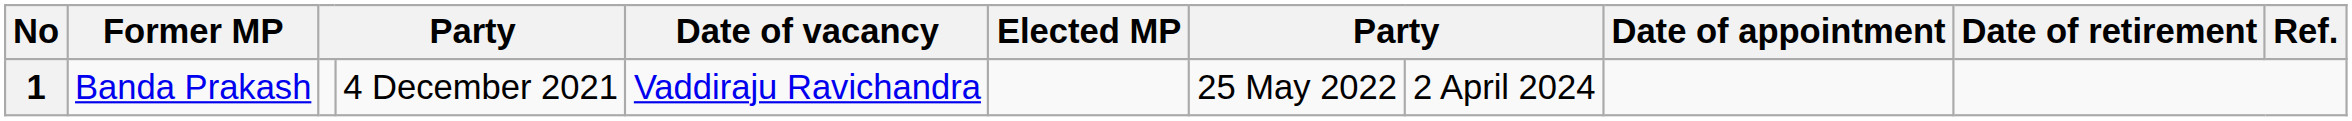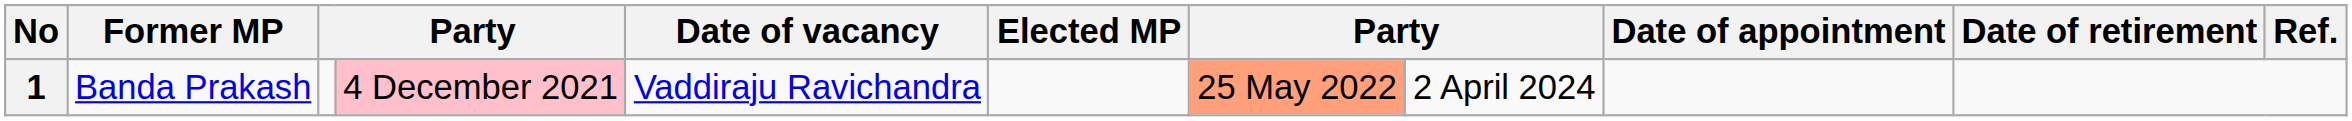 <table class="wikitable">
 <tr>
 <th scope="col">No</th>
 <th scope="col">Former MP</th>
 <th scope="col" colspan="2">Party</th>
 <th scope="col">Date of vacancy</th>
 <th scope="col">Elected MP</th>
 <th scope="col" colspan="2">Party</th>
 <th scope="col">Date of appointment</th>
 <th scope="col">Date of retirement</th>
 <th>Ref.</th>
 </tr>
 <tr>
 <th>1</th>
 <td><a href='#'>Banda Prakash</a></td>
 <td></td>
-<td>4 December 2021</td>
+<td style="background: pink;">4 December 2021</td>
 <td><a href='#'>Vaddiraju Ravichandra</a></td>
 <td></td>
-<td>25 May 2022</td>
+<td style="background: lightsalmon;">25 May 2022</td>
 <td>2 April 2024</td>
 <td></td>
 </tr>
 </table>
